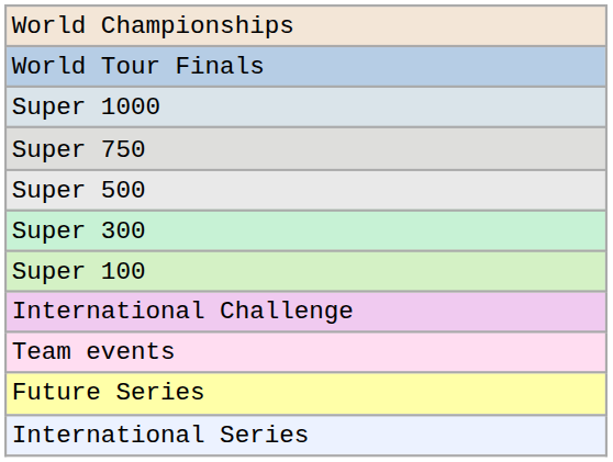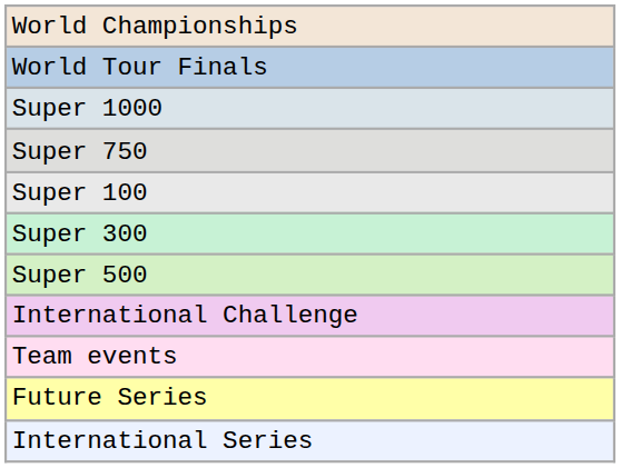 <table class=wikitable style=font-size:80%;width:20%>
 <tr bgcolor=#F3E6D7>
 <td>World Championships</td>
 </tr>
 <tr bgcolor=#B6CDE5>
 <td>World Tour Finals</td>
 </tr>
 <tr bgcolor=#DAE4EA>
 <td>Super 1000</td>
 </tr>
 <tr bgcolor=#DEDEDC>
 <td>Super 750</td>
 </tr>
 <tr bgcolor=#E9E9E9>
-<td>Super 500</td>
+<td>Super 100</td>
 </tr>
 <tr bgcolor=#C7F2D5>
 <td>Super 300</td>
 </tr>
 <tr bgcolor=#D4F1C5>
-<td>Super 100</td>
+<td>Super 500</td>
 </tr>
 <tr bgcolor=#F0CAF0>
 <td>International Challenge</td>
 </tr>
 <tr bgcolor=#FFDDF1>
 <td>Team events</td>
 </tr>
 <tr bgcolor=#FFFFA8>
 <td>Future Series</td>
 </tr>
 <tr bgcolor=#ECF2FF>
 <td>International Series</td>
 </tr>
 </table>
